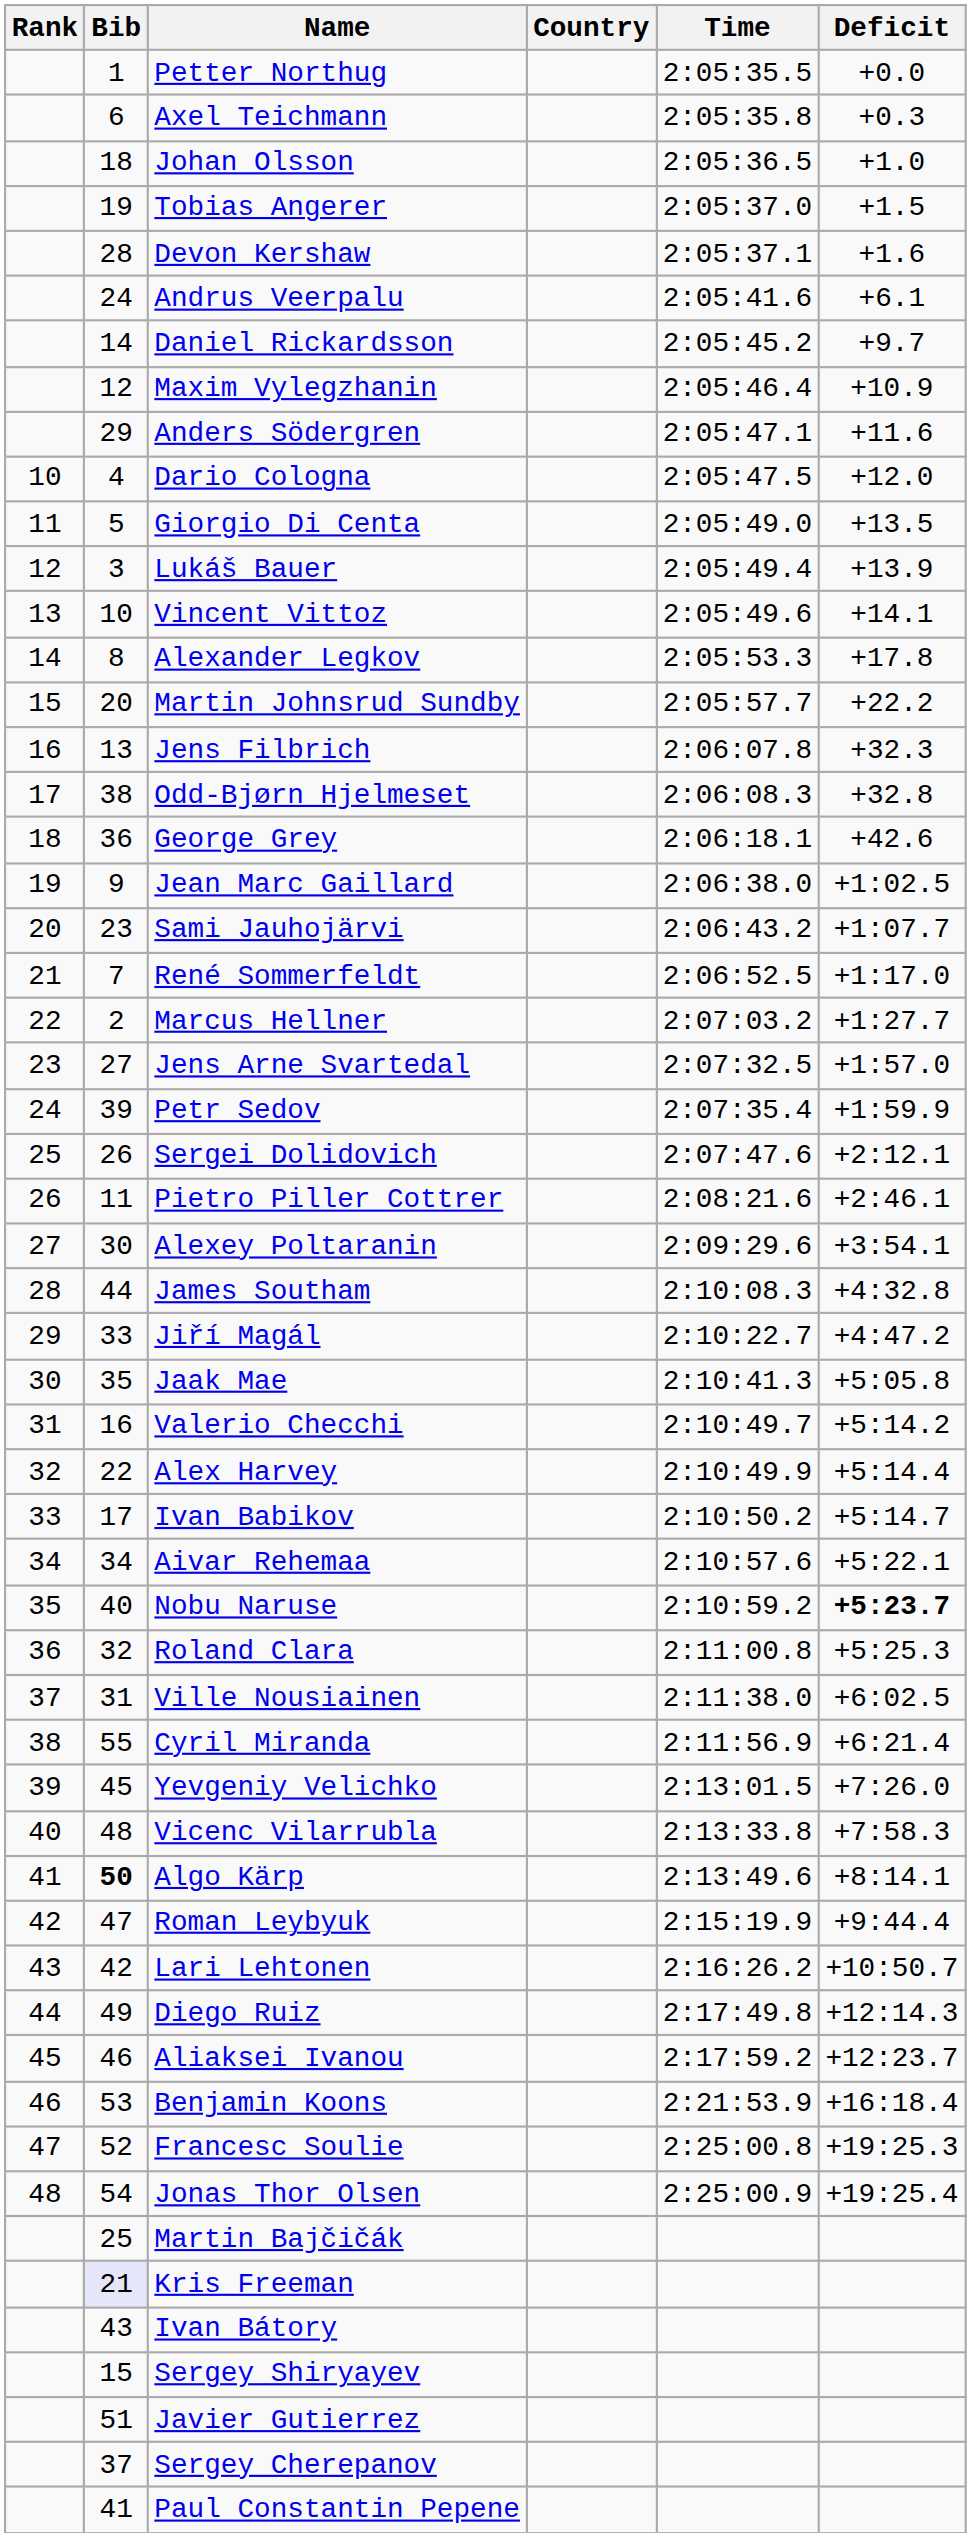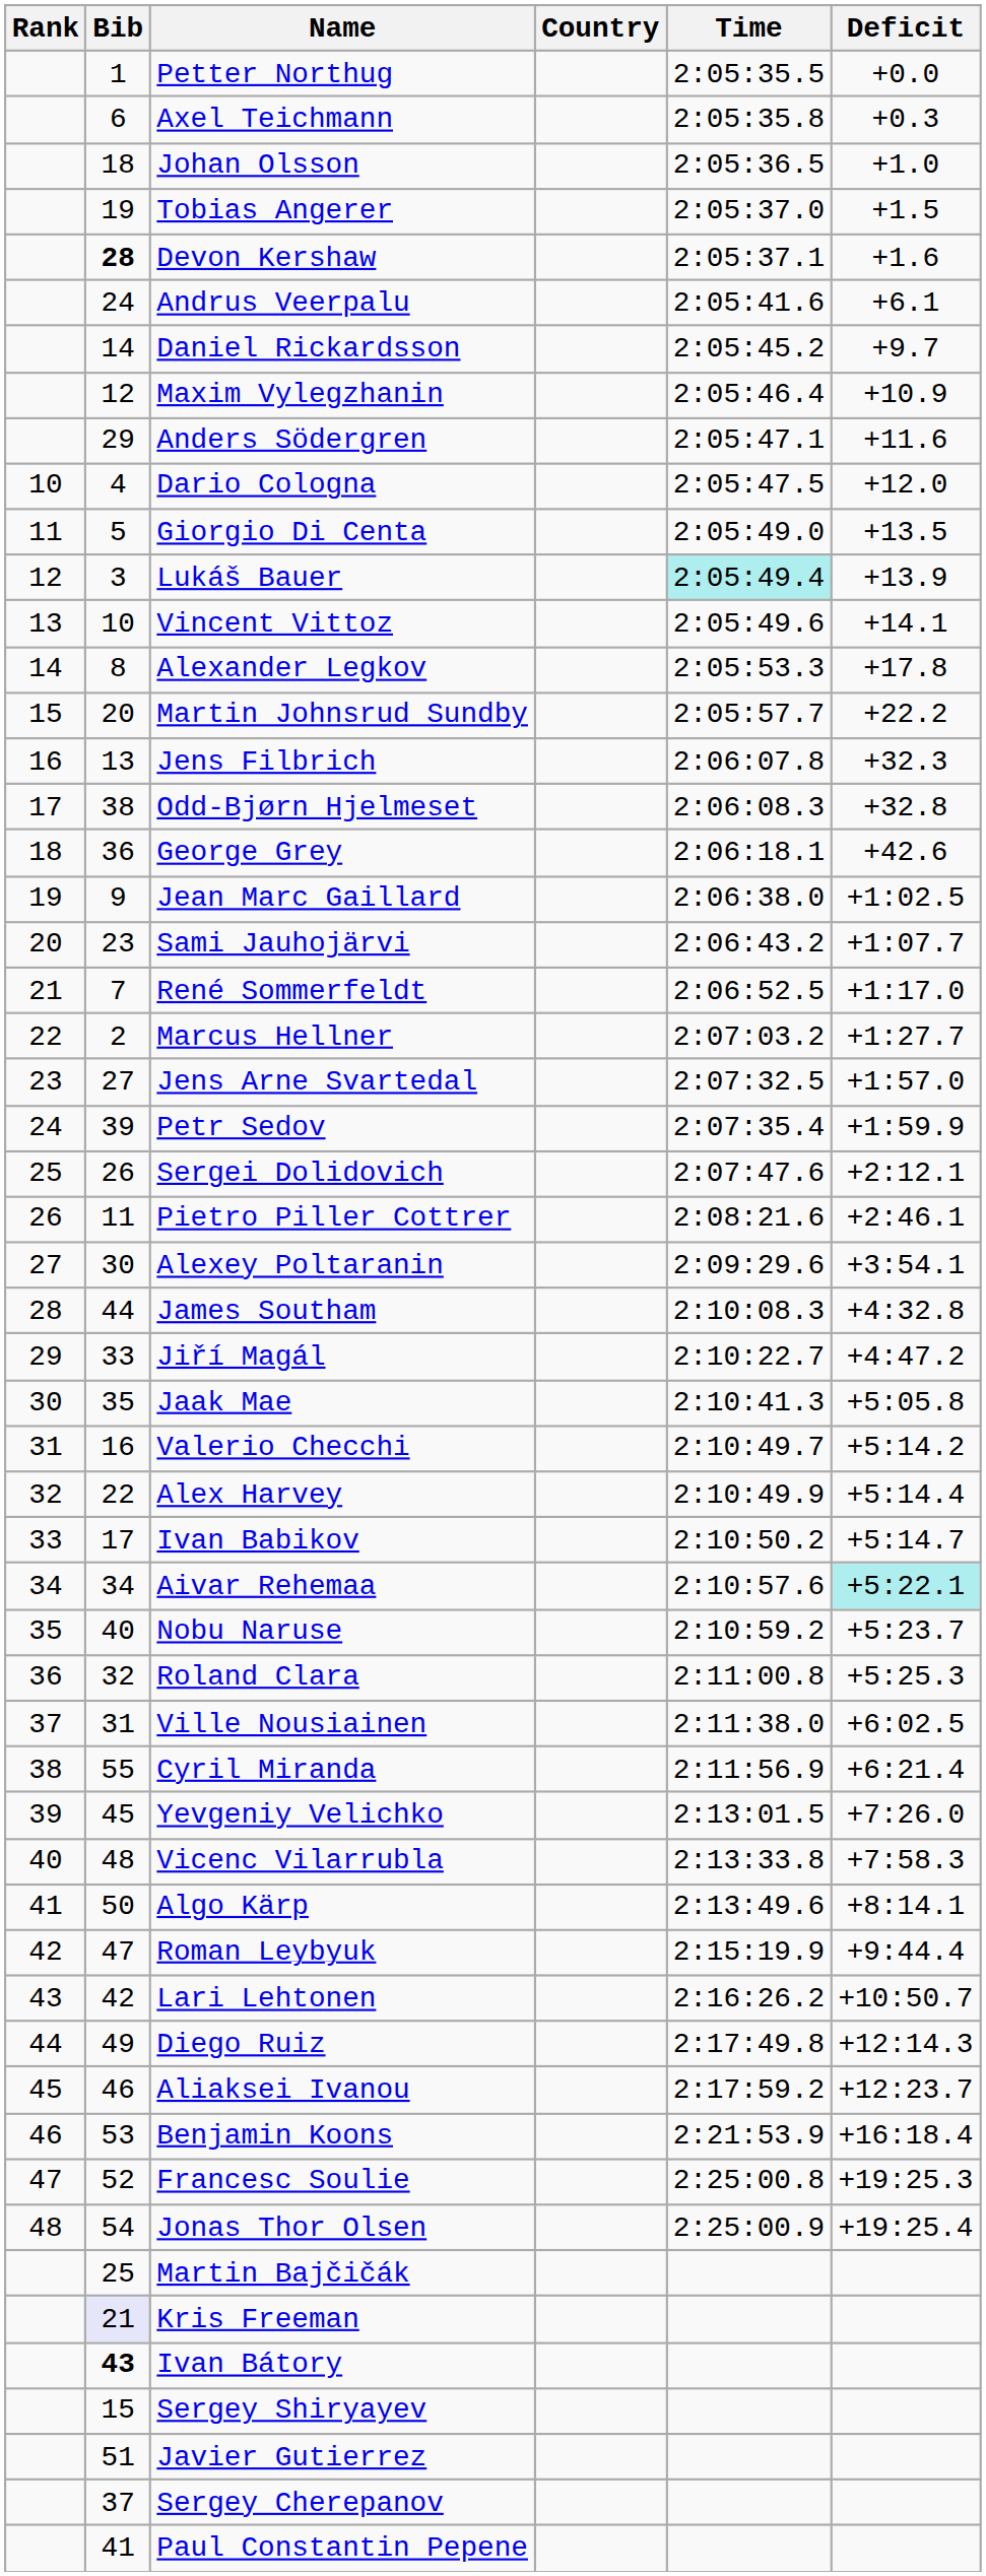 <table class="wikitable sortable" style="text-align:center">
 <tr>
 <th>Rank</th>
 <th>Bib</th>
 <th>Name</th>
 <th>Country</th>
 <th>Time</th>
 <th>Deficit</th>
 </tr>
 <tr>
 <td></td>
 <td>1</td>
 <td align="left"><a href='#'>Petter Northug</a></td>
 <td align="left"></td>
 <td>2:05:35.5</td>
 <td>+0.0</td>
 </tr>
 <tr>
 <td></td>
 <td>6</td>
 <td align="left"><a href='#'>Axel Teichmann</a></td>
 <td align="left"></td>
 <td>2:05:35.8</td>
 <td>+0.3</td>
 </tr>
 <tr>
 <td></td>
 <td>18</td>
 <td align="left"><a href='#'>Johan Olsson</a></td>
 <td align="left"></td>
 <td>2:05:36.5</td>
 <td>+1.0</td>
 </tr>
 <tr>
 <td></td>
 <td>19</td>
 <td align="left"><a href='#'>Tobias Angerer</a></td>
 <td align="left"></td>
 <td>2:05:37.0</td>
 <td>+1.5</td>
 </tr>
 <tr>
 <td></td>
-<td>28</td>
+<td><strong>28</strong></td>
 <td align="left"><a href='#'>Devon Kershaw</a></td>
 <td align="left"></td>
 <td>2:05:37.1</td>
 <td>+1.6</td>
 </tr>
 <tr>
 <td></td>
 <td>24</td>
 <td align="left"><a href='#'>Andrus Veerpalu</a></td>
 <td align="left"></td>
 <td>2:05:41.6</td>
 <td>+6.1</td>
 </tr>
 <tr>
 <td></td>
 <td>14</td>
 <td align="left"><a href='#'>Daniel Rickardsson</a></td>
 <td align="left"></td>
 <td>2:05:45.2</td>
 <td>+9.7</td>
 </tr>
 <tr>
 <td></td>
 <td>12</td>
 <td align="left"><a href='#'>Maxim Vylegzhanin</a></td>
 <td align="left"></td>
 <td>2:05:46.4</td>
 <td>+10.9</td>
 </tr>
 <tr>
 <td></td>
 <td>29</td>
 <td align="left"><a href='#'>Anders Södergren</a></td>
 <td align="left"></td>
 <td>2:05:47.1</td>
 <td>+11.6</td>
 </tr>
 <tr>
 <td>10</td>
 <td>4</td>
 <td align="left"><a href='#'>Dario Cologna</a></td>
 <td align="left"></td>
 <td>2:05:47.5</td>
 <td>+12.0</td>
 </tr>
 <tr>
 <td>11</td>
 <td>5</td>
 <td align="left"><a href='#'>Giorgio Di Centa</a></td>
 <td align="left"></td>
 <td>2:05:49.0</td>
 <td>+13.5</td>
 </tr>
 <tr>
 <td>12</td>
 <td>3</td>
 <td align="left"><a href='#'>Lukáš Bauer</a></td>
 <td align="left"></td>
-<td>2:05:49.4</td>
+<td style="background: paleturquoise;">2:05:49.4</td>
 <td>+13.9</td>
 </tr>
 <tr>
 <td>13</td>
 <td>10</td>
 <td align="left"><a href='#'>Vincent Vittoz</a></td>
 <td align="left"></td>
 <td>2:05:49.6</td>
 <td>+14.1</td>
 </tr>
 <tr>
 <td>14</td>
 <td>8</td>
 <td align="left"><a href='#'>Alexander Legkov</a></td>
 <td align="left"></td>
 <td>2:05:53.3</td>
 <td>+17.8</td>
 </tr>
 <tr>
 <td>15</td>
 <td>20</td>
 <td align="left"><a href='#'>Martin Johnsrud Sundby</a></td>
 <td align="left"></td>
 <td>2:05:57.7</td>
 <td>+22.2</td>
 </tr>
 <tr>
 <td>16</td>
 <td>13</td>
 <td align="left"><a href='#'>Jens Filbrich</a></td>
 <td align="left"></td>
 <td>2:06:07.8</td>
 <td>+32.3</td>
 </tr>
 <tr>
 <td>17</td>
 <td>38</td>
 <td align="left"><a href='#'>Odd-Bjørn Hjelmeset</a></td>
 <td align="left"></td>
 <td>2:06:08.3</td>
 <td>+32.8</td>
 </tr>
 <tr>
 <td>18</td>
 <td>36</td>
 <td align="left"><a href='#'>George Grey</a></td>
 <td align="left"></td>
 <td>2:06:18.1</td>
 <td>+42.6</td>
 </tr>
 <tr>
 <td>19</td>
 <td>9</td>
 <td align="left"><a href='#'>Jean Marc Gaillard</a></td>
 <td align="left"></td>
 <td>2:06:38.0</td>
 <td>+1:02.5</td>
 </tr>
 <tr>
 <td>20</td>
 <td>23</td>
 <td align="left"><a href='#'>Sami Jauhojärvi</a></td>
 <td align="left"></td>
 <td>2:06:43.2</td>
 <td>+1:07.7</td>
 </tr>
 <tr>
 <td>21</td>
 <td>7</td>
 <td align="left"><a href='#'>René Sommerfeldt</a></td>
 <td align="left"></td>
 <td>2:06:52.5</td>
 <td>+1:17.0</td>
 </tr>
 <tr>
 <td>22</td>
 <td>2</td>
 <td align="left"><a href='#'>Marcus Hellner</a></td>
 <td align="left"></td>
 <td>2:07:03.2</td>
 <td>+1:27.7</td>
 </tr>
 <tr>
 <td>23</td>
 <td>27</td>
 <td align="left"><a href='#'>Jens Arne Svartedal</a></td>
 <td align="left"></td>
 <td>2:07:32.5</td>
 <td>+1:57.0</td>
 </tr>
 <tr>
 <td>24</td>
 <td>39</td>
 <td align="left"><a href='#'>Petr Sedov</a></td>
 <td align="left"></td>
 <td>2:07:35.4</td>
 <td>+1:59.9</td>
 </tr>
 <tr>
 <td>25</td>
 <td>26</td>
 <td align="left"><a href='#'>Sergei Dolidovich</a></td>
 <td align="left"></td>
 <td>2:07:47.6</td>
 <td>+2:12.1</td>
 </tr>
 <tr>
 <td>26</td>
 <td>11</td>
 <td align="left"><a href='#'>Pietro Piller Cottrer</a></td>
 <td align="left"></td>
 <td>2:08:21.6</td>
 <td>+2:46.1</td>
 </tr>
 <tr>
 <td>27</td>
 <td>30</td>
 <td align="left"><a href='#'>Alexey Poltaranin</a></td>
 <td align="left"></td>
 <td>2:09:29.6</td>
 <td>+3:54.1</td>
 </tr>
 <tr>
 <td>28</td>
 <td>44</td>
 <td align="left"><a href='#'>James Southam</a></td>
 <td align="left"></td>
 <td>2:10:08.3</td>
 <td>+4:32.8</td>
 </tr>
 <tr>
 <td>29</td>
 <td>33</td>
 <td align="left"><a href='#'>Jiří Magál</a></td>
 <td align="left"></td>
 <td>2:10:22.7</td>
 <td>+4:47.2</td>
 </tr>
 <tr>
 <td>30</td>
 <td>35</td>
 <td align="left"><a href='#'>Jaak Mae</a></td>
 <td align="left"></td>
 <td>2:10:41.3</td>
 <td>+5:05.8</td>
 </tr>
 <tr>
 <td>31</td>
 <td>16</td>
 <td align="left"><a href='#'>Valerio Checchi</a></td>
 <td align="left"></td>
 <td>2:10:49.7</td>
 <td>+5:14.2</td>
 </tr>
 <tr>
 <td>32</td>
 <td>22</td>
 <td align="left"><a href='#'>Alex Harvey</a></td>
 <td align="left"></td>
 <td>2:10:49.9</td>
 <td>+5:14.4</td>
 </tr>
 <tr>
 <td>33</td>
 <td>17</td>
 <td align="left"><a href='#'>Ivan Babikov</a></td>
 <td align="left"></td>
 <td>2:10:50.2</td>
 <td>+5:14.7</td>
 </tr>
 <tr>
 <td>34</td>
 <td>34</td>
 <td align="left"><a href='#'>Aivar Rehemaa</a></td>
 <td align="left"></td>
 <td>2:10:57.6</td>
-<td>+5:22.1</td>
+<td style="background: paleturquoise;">+5:22.1</td>
 </tr>
 <tr>
 <td>35</td>
 <td>40</td>
 <td align="left"><a href='#'>Nobu Naruse</a></td>
 <td align="left"></td>
 <td>2:10:59.2</td>
-<td><strong>+5:23.7</strong></td>
+<td>+5:23.7</td>
 </tr>
 <tr>
 <td>36</td>
 <td>32</td>
 <td align="left"><a href='#'>Roland Clara</a></td>
 <td align="left"></td>
 <td>2:11:00.8</td>
 <td>+5:25.3</td>
 </tr>
 <tr>
 <td>37</td>
 <td>31</td>
 <td align="left"><a href='#'>Ville Nousiainen</a></td>
 <td align="left"></td>
 <td>2:11:38.0</td>
 <td>+6:02.5</td>
 </tr>
 <tr>
 <td>38</td>
 <td>55</td>
 <td align="left"><a href='#'>Cyril Miranda</a></td>
 <td align="left"></td>
 <td>2:11:56.9</td>
 <td>+6:21.4</td>
 </tr>
 <tr>
 <td>39</td>
 <td>45</td>
 <td align="left"><a href='#'>Yevgeniy Velichko</a></td>
 <td align="left"></td>
 <td>2:13:01.5</td>
 <td>+7:26.0</td>
 </tr>
 <tr>
 <td>40</td>
 <td>48</td>
 <td align="left"><a href='#'>Vicenc Vilarrubla</a></td>
 <td align="left"></td>
 <td>2:13:33.8</td>
 <td>+7:58.3</td>
 </tr>
 <tr>
 <td>41</td>
-<td><strong>50</strong></td>
+<td>50</td>
 <td align="left"><a href='#'>Algo Kärp</a></td>
 <td align="left"></td>
 <td>2:13:49.6</td>
 <td>+8:14.1</td>
 </tr>
 <tr>
 <td>42</td>
 <td>47</td>
 <td align="left"><a href='#'>Roman Leybyuk</a></td>
 <td align="left"></td>
 <td>2:15:19.9</td>
 <td>+9:44.4</td>
 </tr>
 <tr>
 <td>43</td>
 <td>42</td>
 <td align="left"><a href='#'>Lari Lehtonen</a></td>
 <td align="left"></td>
 <td>2:16:26.2</td>
 <td>+10:50.7</td>
 </tr>
 <tr>
 <td>44</td>
 <td>49</td>
 <td align="left"><a href='#'>Diego Ruiz</a></td>
 <td align="left"></td>
 <td>2:17:49.8</td>
 <td>+12:14.3</td>
 </tr>
 <tr>
 <td>45</td>
 <td>46</td>
 <td align="left"><a href='#'>Aliaksei Ivanou</a></td>
 <td align="left"></td>
 <td>2:17:59.2</td>
 <td>+12:23.7</td>
 </tr>
 <tr>
 <td>46</td>
 <td>53</td>
 <td align="left"><a href='#'>Benjamin Koons</a></td>
 <td align="left"></td>
 <td>2:21:53.9</td>
 <td>+16:18.4</td>
 </tr>
 <tr>
 <td>47</td>
 <td>52</td>
 <td align="left"><a href='#'>Francesc Soulie</a></td>
 <td align="left"></td>
 <td>2:25:00.8</td>
 <td>+19:25.3</td>
 </tr>
 <tr>
 <td>48</td>
 <td>54</td>
 <td align="left"><a href='#'>Jonas Thor Olsen</a></td>
 <td align="left"></td>
 <td>2:25:00.9</td>
 <td>+19:25.4</td>
 </tr>
 <tr>
 <td></td>
 <td>25</td>
 <td align="left"><a href='#'>Martin Bajčičák</a></td>
 <td align="left"></td>
 <td></td>
 <td></td>
 </tr>
 <tr>
 <td></td>
 <td style="background: lavender;">21</td>
 <td align="left"><a href='#'>Kris Freeman</a></td>
 <td align="left"></td>
 <td></td>
 <td></td>
 </tr>
 <tr>
 <td></td>
-<td>43</td>
+<td><strong>43</strong></td>
 <td align="left"><a href='#'>Ivan Bátory</a></td>
 <td align="left"></td>
 <td></td>
 <td></td>
 </tr>
 <tr>
 <td></td>
 <td>15</td>
 <td align="left"><a href='#'>Sergey Shiryayev</a></td>
 <td align="left"></td>
 <td></td>
 <td></td>
 </tr>
 <tr>
 <td></td>
 <td>51</td>
 <td align="left"><a href='#'>Javier Gutierrez</a></td>
 <td align="left"></td>
 <td></td>
 <td></td>
 </tr>
 <tr>
 <td></td>
 <td>37</td>
 <td align="left"><a href='#'>Sergey Cherepanov</a></td>
 <td align="left"></td>
 <td></td>
 <td></td>
 </tr>
 <tr>
 <td></td>
 <td>41</td>
 <td align="left"><a href='#'>Paul Constantin Pepene</a></td>
 <td align="left"></td>
 <td></td>
 <td></td>
 </tr>
 <tr>
 </tr>
 </table>
